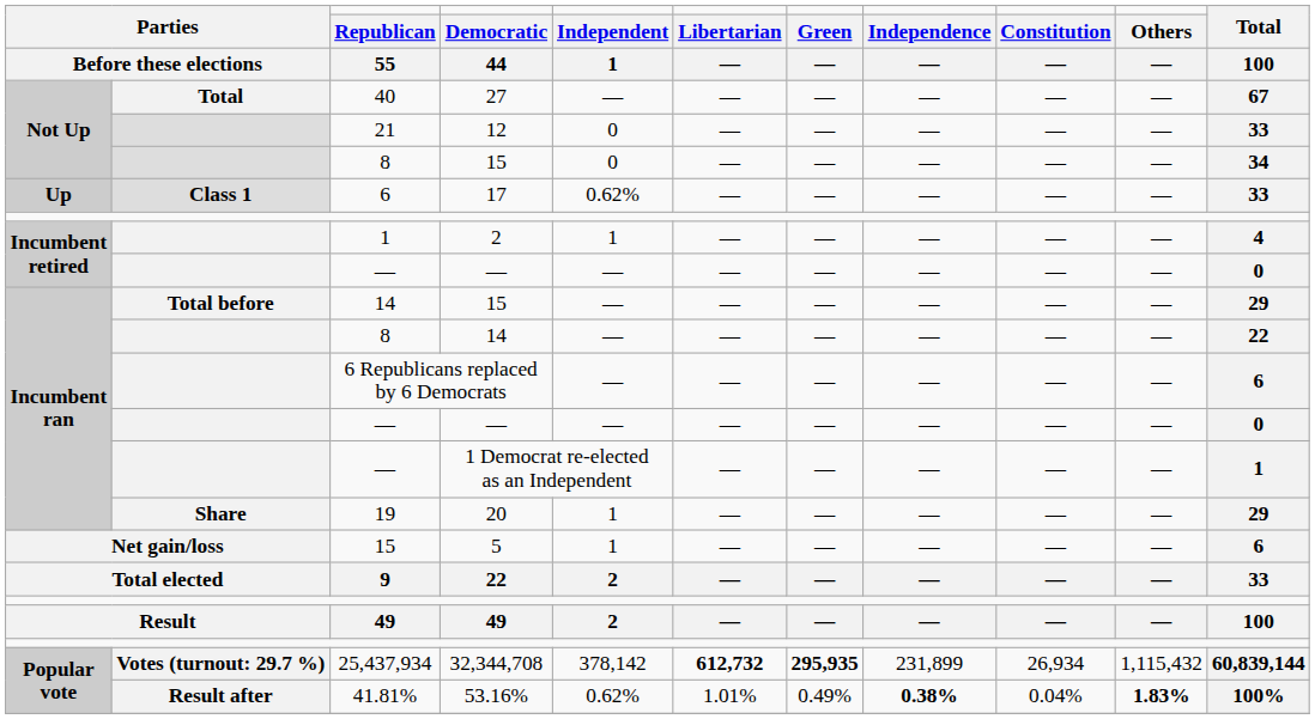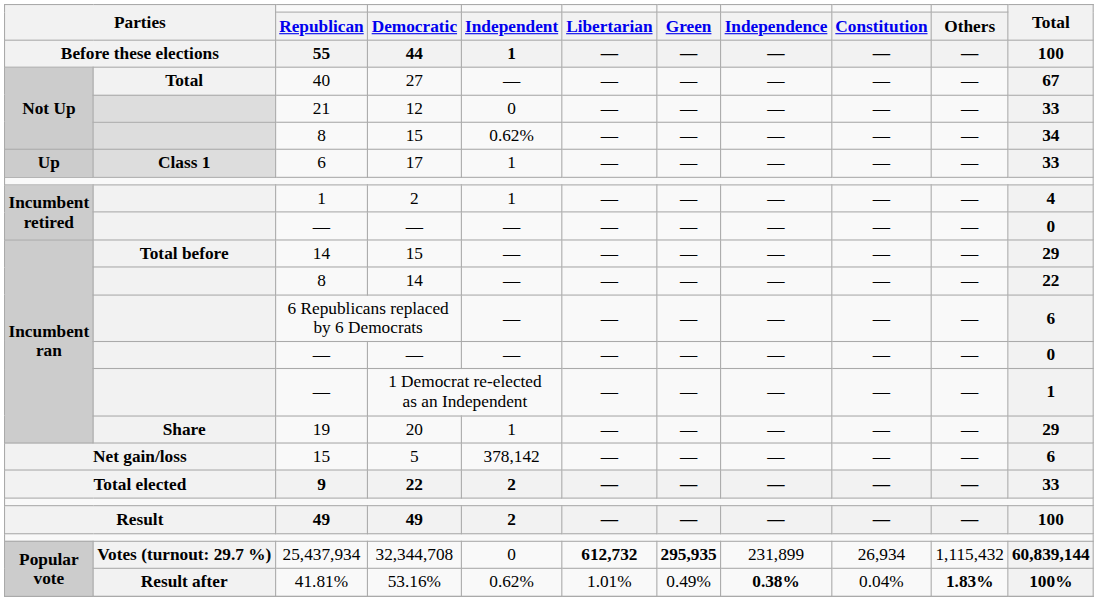 <table class=wikitable style=text-align:center>
 <tr>
 <th colspan=2 rowspan=2>Parties</th>
 <td style="background-color:"></td>
 <td style="background-color:"></td>
 <td style="background-color:"></td>
 <td style="background-color:"></td>
 <td style="background-color:"></td>
 <td style="background-color:"></td>
 <td style="background-color:"></td>
 <td style="background-color:"></td>
 <th rowspan=2>Total</th>
 </tr>
 <tr>
 <th><a href='#'>Republican</a></th>
 <th><a href='#'>Democratic</a></th>
 <th><a href='#'>Independent</a></th>
 <th><a href='#'>Libertarian</a></th>
 <th><a href='#'>Green</a></th>
 <th><a href='#'>Independence</a></th>
 <th><a href='#'>Constitution</a></th>
 <th>Others</th>
 </tr>
 <tr>
 <th colspan=2>Before these elections</th>
 <th>55</th>
 <th>44</th>
 <th>1</th>
 <th>—</th>
 <th>—</th>
 <th>—</th>
 <th>—</th>
 <th>—</th>
 <th>100</th>
 </tr>
 <tr>
 <th rowspan=3 style="background:#cccccc">Not Up</th>
 <th>Total</th>
 <td>40</td>
 <td>27</td>
 <td>—</td>
 <td>—</td>
 <td>—</td>
 <td>—</td>
 <td>—</td>
 <td>—</td>
 <th>67</th>
 </tr>
 <tr>
 <th style="background:#dddddd"></th>
 <td>21</td>
 <td>12</td>
 <td>0</td>
 <td>—</td>
 <td>—</td>
 <td>—</td>
 <td>—</td>
 <td>—</td>
 <th>33</th>
 </tr>
 <tr>
 <th style="background:#dddddd"></th>
 <td>8</td>
 <td>15</td>
-<td>0</td>
+<td>0.62%</td>
 <td>—</td>
 <td>—</td>
 <td>—</td>
 <td>—</td>
 <td>—</td>
 <th>34</th>
 </tr>
 <tr>
 <th style="background:#cccccc">Up</th>
 <th style="background:#dddddd">Class 1</th>
 <td> 6</td>
 <td>17</td>
-<td>0.62%</td>
+<td>1</td>
 <td>—</td>
 <td>—</td>
 <td>—</td>
 <td>—</td>
 <td>—</td>
 <th>33</th>
 </tr>
 <tr>
 <td colspan=99></td>
 </tr>
 <tr>
 <th rowspan=2 style="background:#cccccc">Incumbent<br>retired</th>
 <th></th>
 <td>1</td>
 <td>2</td>
 <td>1</td>
 <td>—</td>
 <td>—</td>
 <td>—</td>
 <td>—</td>
 <td>—</td>
 <th>4</th>
 </tr>
 <tr>
 <th></th>
 <td>—</td>
 <td>—</td>
 <td>—</td>
 <td>—</td>
 <td>—</td>
 <td>—</td>
 <td>—</td>
 <td>—</td>
 <th>0</th>
 </tr>
 <tr>
 <th rowspan=6 style="background:#cccccc">Incumbent<br>ran</th>
 <th>Total before</th>
 <td>14</td>
 <td>15</td>
 <td>—</td>
 <td>—</td>
 <td>—</td>
 <td>—</td>
 <td>—</td>
 <td>—</td>
 <th>29</th>
 </tr>
 <tr>
 <th></th>
 <td>8</td>
 <td>14</td>
 <td>—</td>
 <td>—</td>
 <td>—</td>
 <td>—</td>
 <td>—</td>
 <td>—</td>
 <th>22</th>
 </tr>
 <tr>
 <th></th>
 <td colspan=2 > 6 Republicans replaced<br>by  6 Democrats</td>
 <td>—</td>
 <td>—</td>
 <td>—</td>
 <td>—</td>
 <td>—</td>
 <td>—</td>
 <th>6</th>
 </tr>
 <tr>
 <th></th>
 <td>—</td>
 <td>—</td>
 <td>—</td>
 <td>—</td>
 <td>—</td>
 <td>—</td>
 <td>—</td>
 <td>—</td>
 <th>0</th>
 </tr>
 <tr>
 <th></th>
 <td>—</td>
 <td colspan=2 > 1 Democrat re-elected<br>as an  Independent</td>
 <td>—</td>
 <td>—</td>
 <td>—</td>
 <td>—</td>
 <td>—</td>
 <th>1</th>
 </tr>
 <tr>
 <th>Share</th>
 <td>19</td>
 <td>20</td>
 <td>1</td>
 <td>—</td>
 <td>—</td>
 <td>—</td>
 <td>—</td>
 <td>—</td>
 <th>29</th>
 </tr>
 <tr>
 <th colspan=2>Net gain/loss</th>
 <td>15</td>
 <td> 5</td>
-<td> 1</td>
+<td>378,142</td>
 <td>—</td>
 <td>—</td>
 <td>—</td>
 <td>—</td>
 <td>—</td>
 <th>6</th>
 </tr>
 <tr>
 <th colspan=2>Total elected</th>
 <th>9</th>
 <th>22</th>
 <th>2</th>
 <th>—</th>
 <th>—</th>
 <th>—</th>
 <th>—</th>
 <th>—</th>
 <th>33</th>
 </tr>
 <tr>
 <td colspan=99></td>
 </tr>
 <tr>
 <th colspan=2>Result</th>
 <th>49</th>
 <th>49</th>
 <th>2</th>
 <th>—</th>
 <th>—</th>
 <th>—</th>
 <th>—</th>
 <th>—</th>
 <th>100</th>
 </tr>
 <tr>
 <td colspan=99></td>
 </tr>
 <tr>
 <th rowspan=2 style="background:#cccccc">Popular<br>vote</th>
 <th>Votes (turnout: 29.7 %)</th>
 <td>25,437,934</td>
 <td>32,344,708</td>
-<td>378,142</td>
+<td>0</td>
 <td><strong>612,732</strong></td>
 <td><strong>295,935</strong></td>
 <td>231,899</td>
 <td>26,934</td>
 <td>1,115,432</td>
 <th>60,839,144</th>
 </tr>
 <tr>
 <th>Result after</th>
 <td>41.81%</td>
 <td>53.16%</td>
 <td>0.62%</td>
 <td>1.01%</td>
 <td>0.49%</td>
 <td><strong>0.38%</strong></td>
 <td>0.04%</td>
 <td><strong>1.83%</strong></td>
 <th>100%</th>
 </tr>
 <tr>
 </tr>
 </table>
